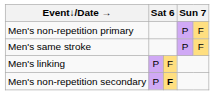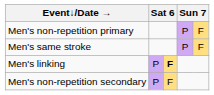 <table class="wikitable" style="margin:0.5em auto; font-size:90%; line-height:1.25em; text-align:center;">
 <tr>
 <th>Event↓/Date →</th>
 <th colspan="2">Sat 6</th>
 <th colspan="2">Sun 7</th>
 </tr>
 <tr>
 <td style="text-align:left;">Men's non-repetition primary</td>
 <td colspan="2"></td>
 <td style="background-color:#D0A9F5;">P</td>
 <td style="background-color:#FFDF80;">F</td>
 </tr>
 <tr>
 <td style="text-align:left;">Men's same stroke</td>
 <td colspan="2"></td>
 <td style="background-color:#D0A9F5;">P</td>
 <td style="background-color:#FFDF80;">F</td>
 </tr>
 <tr>
 <td style="text-align:left;">Men's linking</td>
 <td style="background-color:#D0A9F5;">P</td>
-<td style="background-color:#FFDF80;">F</td>
+<td style="background-color:#FFDF80;"><strong>F</strong></td>
 <td colspan="2"></td>
 </tr>
 <tr>
 <td style="text-align:left;">Men's non-repetition secondary</td>
 <td style="background-color:#D0A9F5;">P</td>
-<td style="background-color:#FFDF80;"><strong>F</strong></td>
+<td style="background-color:#FFDF80;">F</td>
 <td colspan="2"></td>
 </tr>
 </table>
